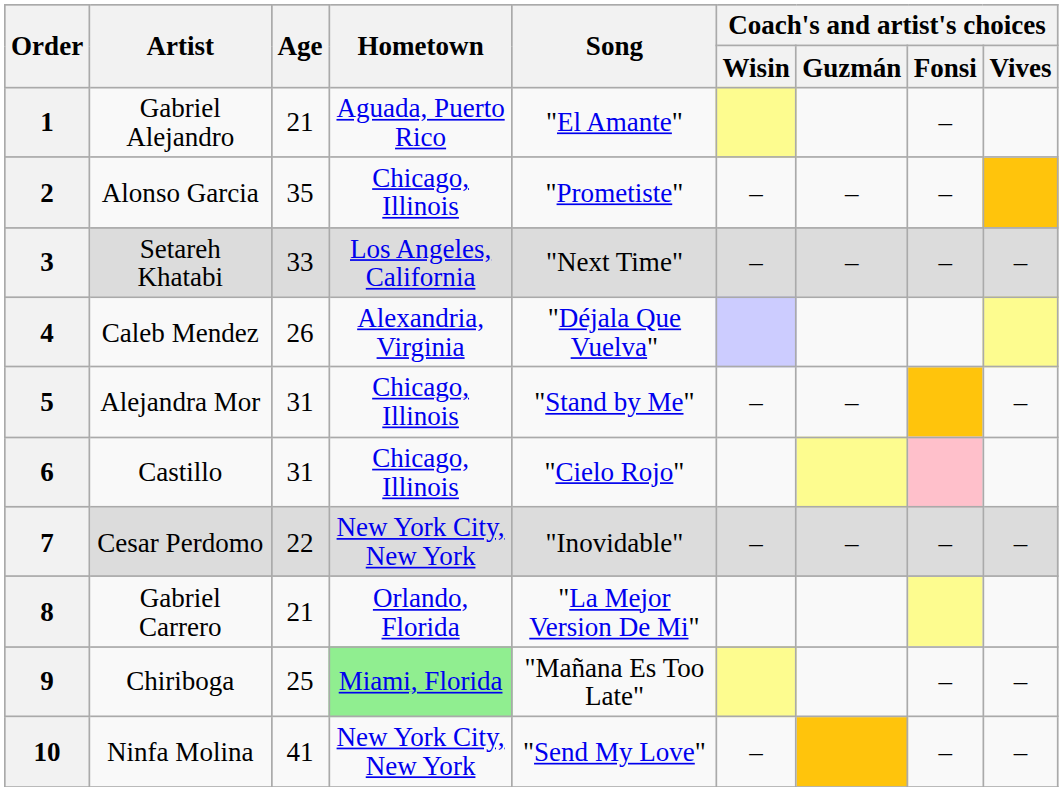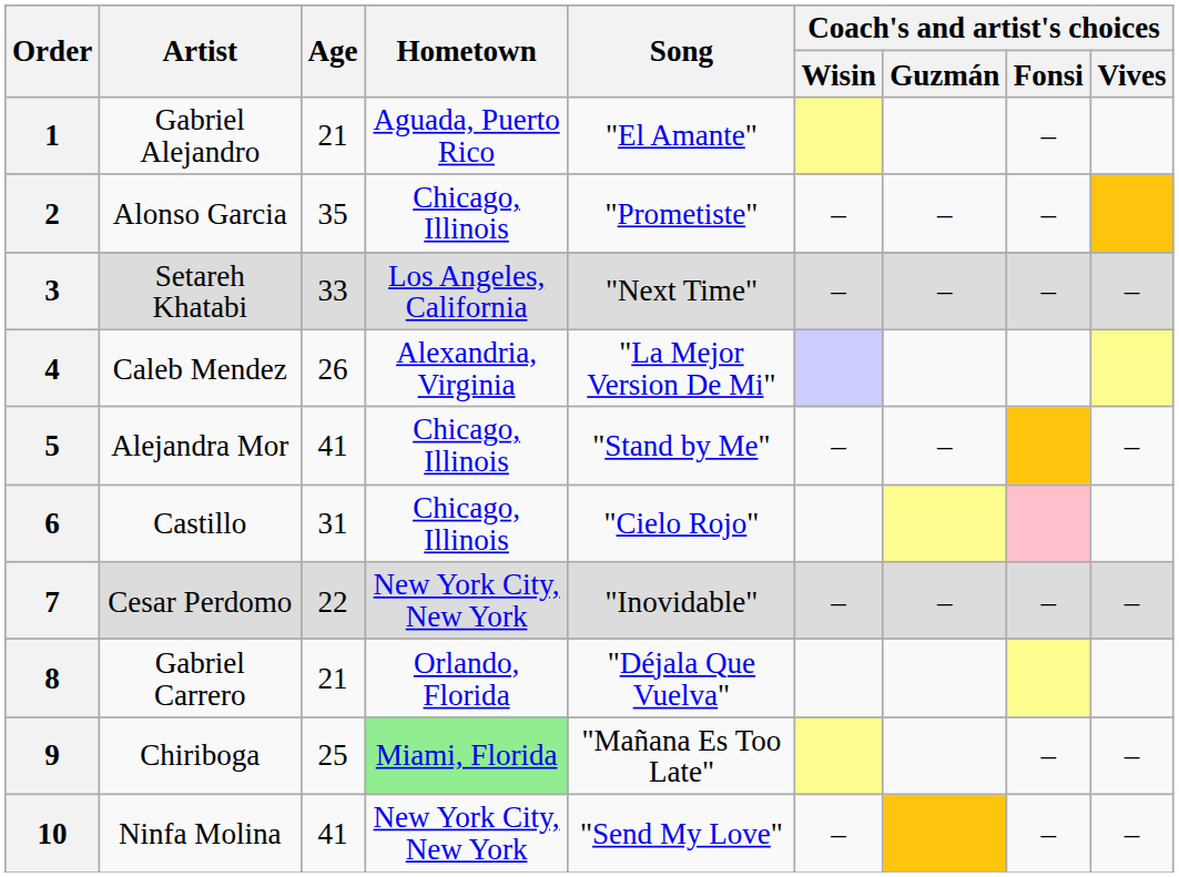 <table class="wikitable" style="text-align:center; line-height:17px; width:100%;">
 <tr>
 <th scope="col" rowspan="2" style="width:04%;">Order</th>
 <th scope="col" rowspan="2" style="width:18%;">Artist</th>
 <th scope="col" rowspan="2" style="width:04%;">Age</th>
 <th scope="col" rowspan="2" style="width:18%;">Hometown</th>
 <th scope="col" rowspan="2" style="width:20%;">Song</th>
 <th scope="col" colspan="4" style="width:24%;">Coach's and artist's choices</th>
 </tr>
 <tr>
 <th style="width:06%;">Wisin</th>
 <th style="width:06%;">Guzmán</th>
 <th style="width:06%;">Fonsi</th>
 <th style="width:06%;">Vives</th>
 </tr>
 <tr>
 <th>1</th>
 <td>Gabriel Alejandro</td>
 <td>21</td>
 <td><a href='#'>Aguada, Puerto Rico</a></td>
 <td>"<a href='#'>El Amante</a>"</td>
 <td style="background:#fdfc8f;"><strong></strong></td>
 <td><strong></strong></td>
 <td>–</td>
 <td><strong></strong></td>
 </tr>
 <tr>
 <th>2</th>
 <td>Alonso Garcia</td>
 <td>35</td>
 <td><a href='#'>Chicago, Illinois</a></td>
 <td>"<a href='#'>Prometiste</a>"</td>
 <td>–</td>
 <td>–</td>
 <td>–</td>
 <td style="background:#ffc40c;"><strong></strong></td>
 </tr>
 <tr style="background:#dcdcdc;">
 <th>3</th>
 <td>Setareh Khatabi</td>
 <td>33</td>
 <td><a href='#'>Los Angeles, California</a></td>
 <td>"Next Time"</td>
 <td>–</td>
 <td>–</td>
 <td>–</td>
 <td>–</td>
 </tr>
 <tr>
 <th>4</th>
 <td>Caleb Mendez</td>
 <td>26</td>
 <td><a href='#'>Alexandria, Virginia</a></td>
-<td>"<a href='#'>Déjala Que Vuelva</a>"</td>
+<td>"<a href='#'>La Mejor Version De Mi</a>"</td>
 <td style="background-color:#ccf;"><strong></strong></td>
 <td><strong></strong></td>
 <td><strong></strong></td>
 <td style="background:#fdfc8f;"><strong></strong></td>
 </tr>
 <tr>
 <th>5</th>
 <td>Alejandra Mor</td>
-<td>31</td>
+<td>41</td>
 <td><a href='#'>Chicago, Illinois</a></td>
 <td>"<a href='#'>Stand by Me</a>"</td>
 <td>–</td>
 <td>–</td>
 <td style="background:#ffc40c;"><strong></strong></td>
 <td>–</td>
 </tr>
 <tr>
 <th>6</th>
 <td> Castillo</td>
 <td>31</td>
 <td><a href='#'>Chicago, Illinois</a></td>
 <td>"<a href='#'>Cielo Rojo</a>"</td>
 <td><strong></strong></td>
 <td style="background:#fdfc8f;"><strong></strong></td>
 <td style="background-color:pink;"><strong></strong></td>
 <td><strong></strong></td>
 </tr>
 <tr style="background:#dcdcdc;">
 <th>7</th>
 <td>Cesar Perdomo</td>
 <td>22</td>
 <td><a href='#'>New York City, New York</a></td>
 <td>"Inovidable"</td>
 <td>–</td>
 <td>–</td>
 <td>–</td>
 <td>–</td>
 </tr>
 <tr>
 <th>8</th>
 <td>Gabriel Carrero</td>
 <td>21</td>
 <td><a href='#'>Orlando, Florida</a></td>
-<td>"<a href='#'>La Mejor Version De Mi</a>"</td>
+<td>"<a href='#'>Déjala Que Vuelva</a>"</td>
 <td><strong></strong></td>
 <td><strong></strong></td>
 <td style="background:#fdfc8f;"><strong></strong></td>
 <td><strong></strong></td>
 </tr>
 <tr>
 <th>9</th>
 <td> Chiriboga</td>
 <td>25</td>
 <td style="background: lightgreen;"><a href='#'>Miami, Florida</a></td>
 <td>"Mañana Es Too Late"</td>
 <td style="background:#fdfc8f;"><strong></strong></td>
 <td><strong></strong></td>
 <td>–</td>
 <td>–</td>
 </tr>
 <tr>
 <th>10</th>
 <td>Ninfa Molina</td>
 <td>41</td>
 <td><a href='#'>New York City, New York</a></td>
 <td>"<a href='#'>Send My Love</a>"</td>
 <td>–</td>
 <td style="background:#ffc40c;"><strong></strong></td>
 <td>–</td>
 <td>–</td>
 </tr>
 <tr>
 </tr>
 </table>
